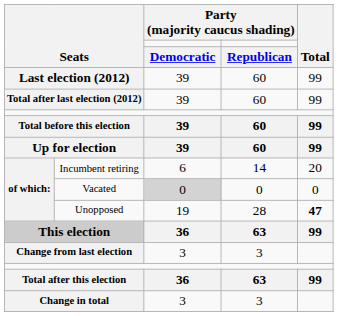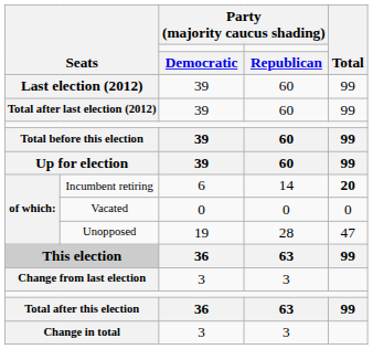 <table class=wikitable style="text-align:center">
 <tr style="vertical-align:bottom;">
 <th rowspan=3 colspan=2>Seats</th>
 <th colspan=2>Party <div>(majority caucus shading)</div></th>
 <th rowspan=3>Total</th>
 </tr>
 <tr style="height:5px">
 <td style="background-color:"></td>
 <td style="background-color:"></td>
 </tr>
 <tr>
 <th><a href='#'>Democratic</a></th>
 <th><a href='#'>Republican</a></th>
 </tr>
 <tr>
 <th nowrap colspan=2>Last election (2012)</th>
 <td>39</td>
 <td>60</td>
 <td>99</td>
 </tr>
 <tr>
 <th nowrap style="font-size:80%" colspan=2>Total after last election (2012)</th>
 <td>39</td>
 <td>60</td>
 <td>99</td>
 </tr>
 <tr>
 <td colspan=5></td>
 </tr>
 <tr>
 <th nowrap style="font-size:80%" colspan=2>Total before this election</th>
 <th>39</th>
 <th>60</th>
 <th>99</th>
 </tr>
 <tr>
 <th colspan=2>Up for election</th>
 <th>39</th>
 <th>60</th>
 <th>99</th>
 </tr>
 <tr>
 <th style="font-size:80%" rowspan=3>of which:</th>
 <td nowrap style="font-size:80%">Incumbent retiring</td>
 <td>6</td>
 <td>14</td>
-<td>20</td>
+<td><strong>20</strong></td>
 </tr>
 <tr>
 <td nowrap style="font-size:80%">Vacated</td>
-<td style="background: lightgrey;">0</td>
+<td>0</td>
 <td>0</td>
 <td>0</td>
 </tr>
 <tr>
 <td nowrap style="font-size:80%">Unopposed</td>
 <td>19</td>
 <td>28</td>
-<td><strong>47</strong></td>
+<td>47</td>
 </tr>
 <tr>
 <th style="background:#ccc" colspan=2>This election</th>
 <th>36</th>
 <th>63</th>
 <th>99</th>
 </tr>
 <tr>
 <th nowrap style="font-size:80%"  colspan=2>Change from last election</th>
 <td> 3</td>
 <td> 3</td>
 <td></td>
 </tr>
 <tr>
 <td colspan=5></td>
 </tr>
 <tr>
 <th nowrap style="font-size:80%" colspan=2>Total after this election</th>
 <th>36</th>
 <th>63</th>
 <th>99</th>
 </tr>
 <tr>
 <th nowrap style="font-size:80%"  colspan=2>Change in total</th>
 <td> 3</td>
 <td> 3</td>
 <td></td>
 </tr>
 </table>
